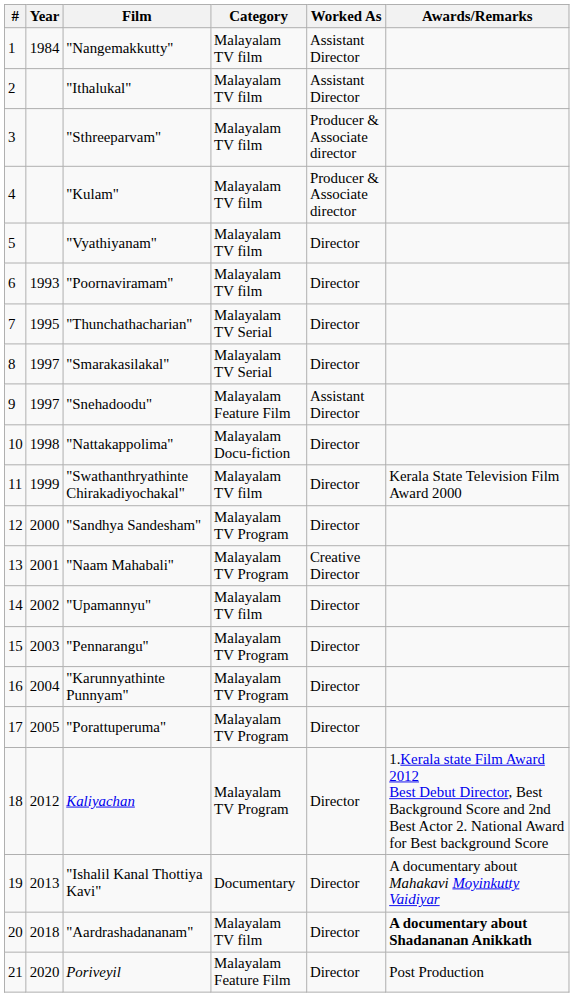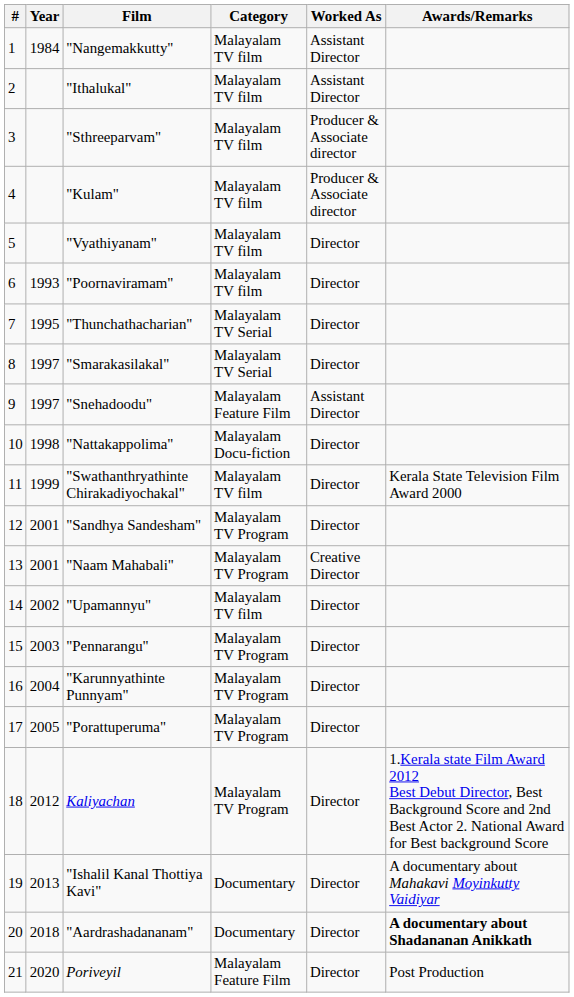 <table class="wikitable">
 <tr>
 <th>#</th>
 <th>Year</th>
 <th>Film</th>
 <th>Category</th>
 <th>Worked As</th>
 <th>Awards/Remarks</th>
 </tr>
 <tr>
 <td>1</td>
 <td>1984</td>
 <td>"Nangemakkutty"</td>
 <td>Malayalam<br>TV film</td>
 <td>Assistant<br>Director</td>
 <td></td>
 </tr>
 <tr>
 <td>2</td>
 <td></td>
 <td>"Ithalukal"</td>
 <td>Malayalam<br>TV film</td>
 <td>Assistant<br>Director</td>
 <td></td>
 </tr>
 <tr>
 <td>3</td>
 <td></td>
 <td>"Sthreeparvam"</td>
 <td>Malayalam<br>TV film</td>
 <td>Producer & Associate director</td>
 <td></td>
 </tr>
 <tr>
 <td>4</td>
 <td></td>
 <td>"Kulam"</td>
 <td>Malayalam<br>TV film</td>
 <td>Producer & Associate<br>director</td>
 <td></td>
 </tr>
 <tr>
 <td>5</td>
 <td></td>
 <td>"Vyathiyanam"</td>
 <td>Malayalam<br>TV film</td>
 <td>Director</td>
 <td></td>
 </tr>
 <tr>
 <td>6</td>
 <td>1993</td>
 <td>"Poornaviramam"</td>
 <td>Malayalam<br>TV film</td>
 <td>Director</td>
 <td></td>
 </tr>
 <tr>
 <td>7</td>
 <td>1995</td>
 <td>"Thunchathacharian"</td>
 <td>Malayalam<br>TV Serial</td>
 <td>Director</td>
 <td></td>
 </tr>
 <tr>
 <td>8</td>
 <td>1997</td>
 <td>"Smarakasilakal"</td>
 <td>Malayalam TV Serial</td>
 <td>Director</td>
 <td></td>
 </tr>
 <tr>
 <td>9</td>
 <td>1997</td>
 <td>"Snehadoodu"</td>
 <td>Malayalam Feature Film</td>
 <td>Assistant Director</td>
 <td></td>
 </tr>
 <tr>
 <td>10</td>
 <td>1998</td>
 <td>"Nattakappolima"</td>
 <td>Malayalam Docu-fiction</td>
 <td>Director</td>
 <td></td>
 </tr>
 <tr>
 <td>11</td>
 <td>1999</td>
 <td>"Swathanthryathinte Chirakadiyochakal"</td>
 <td>Malayalam<br>TV film</td>
 <td>Director</td>
 <td> Kerala State Television Film Award 2000</td>
 </tr>
 <tr>
 <td>12</td>
-<td>2000</td>
+<td>2001</td>
 <td>"Sandhya Sandesham"</td>
 <td>Malayalam<br>TV Program</td>
 <td>Director</td>
 <td></td>
 </tr>
 <tr>
 <td>13</td>
 <td>2001</td>
 <td>"Naam Mahabali"</td>
 <td>Malayalam<br>TV Program</td>
 <td>Creative<br>Director</td>
 <td></td>
 </tr>
 <tr>
 <td>14</td>
 <td>2002</td>
 <td>"Upamannyu"</td>
 <td>Malayalam TV film</td>
 <td>Director</td>
 <td></td>
 </tr>
 <tr>
 <td>15</td>
 <td>2003</td>
 <td>"Pennarangu"</td>
 <td>Malayalam TV Program</td>
 <td>Director</td>
 <td></td>
 </tr>
 <tr>
 <td>16</td>
 <td>2004</td>
 <td>"Karunnyathinte Punnyam"</td>
 <td>Malayalam<br>TV Program</td>
 <td>Director</td>
 <td></td>
 </tr>
 <tr>
 <td>17</td>
 <td>2005</td>
 <td>"Porattuperuma"</td>
 <td>Malayalam TV Program</td>
 <td>Director</td>
 <td></td>
 </tr>
 <tr>
 <td>18</td>
 <td>2012</td>
 <td> <em><a href='#'>Kaliyachan</a></em></td>
 <td>Malayalam<br>TV Program</td>
 <td>Director</td>
 <td>1.<a href='#'>Kerala state Film Award 2012</a><br><a href='#'>Best Debut Director</a>, Best Background Score and 2nd Best Actor 2. National Award for Best background Score</td>
 </tr>
 <tr>
 <td>19</td>
 <td>2013</td>
 <td>"Ishalil Kanal Thottiya Kavi"</td>
 <td>Documentary</td>
 <td>Director</td>
 <td>A documentary about <em>Mahakavi <a href='#'>Moyinkutty Vaidiyar</a></em></td>
 </tr>
 <tr>
 <td>20</td>
 <td>2018</td>
 <td>"Aardrashadananam"</td>
-<td>Malayalam<br>TV film</td>
+<td>Documentary</td>
 <td>Director</td>
 <td><strong>A documentary about Shadananan Anikkath</strong></td>
 </tr>
 <tr>
 <td>21</td>
 <td>2020</td>
 <td><em>Poriveyil</em></td>
 <td>Malayalam<br>Feature Film</td>
 <td>Director</td>
 <td>Post Production</td>
 </tr>
 </table>
